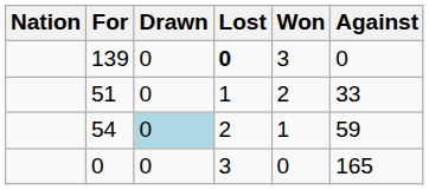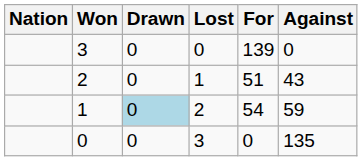 <table class="wikitable">
 <tr>
 <th>Nation</th>
-<th>For</th>
+<th>Won</th>
 <th>Drawn</th>
 <th>Lost</th>
-<th>Won</th>
+<th>For</th>
 <th>Against</th>
 </tr>
 <tr>
 <td></td>
+<td>3</td>
+<td>0</td>
+<td>0</td>
 <td>139</td>
-<td>0</td>
-<td><strong>0</strong></td>
-<td>3</td>
 <td>0</td>
 </tr>
 <tr>
 <td></td>
-<td>51</td>
+<td>2</td>
 <td>0</td>
 <td>1</td>
-<td>2</td>
-<td>33</td>
+<td>51</td>
+<td>43</td>
 </tr>
 <tr>
 <td></td>
-<td>54</td>
+<td>1</td>
 <td style="background: lightblue;">0</td>
 <td>2</td>
-<td>1</td>
+<td>54</td>
 <td>59</td>
 </tr>
 <tr>
 <td></td>
 <td>0</td>
 <td>0</td>
 <td>3</td>
 <td>0</td>
-<td>165</td>
+<td>135</td>
 </tr>
 </table>
